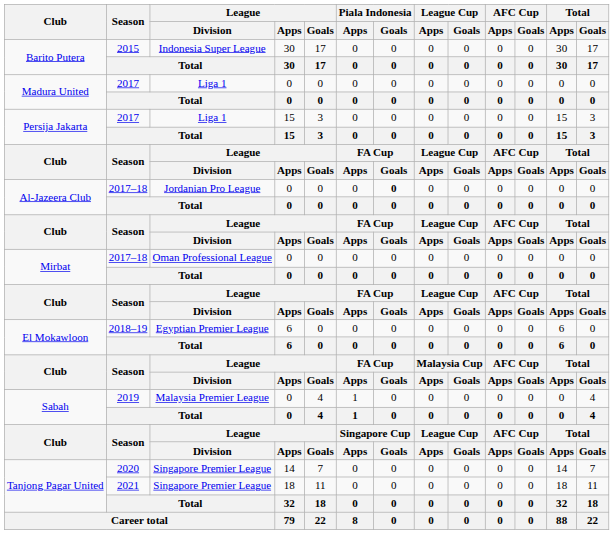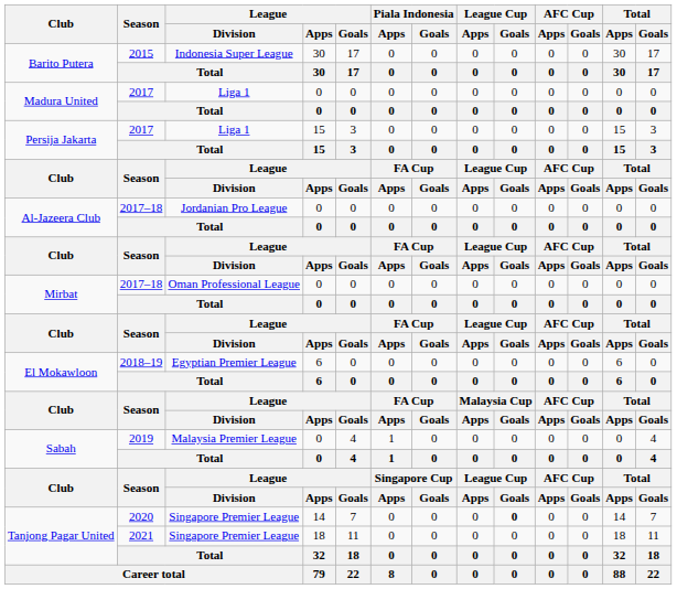 <table class="wikitable" style="text-align:center">
 <tr>
 <th rowspan="2">Club</th>
 <th rowspan="2">Season</th>
 <th colspan="3">League</th>
 <th colspan="2">Piala Indonesia</th>
 <th colspan="2">League Cup</th>
 <th colspan="2">AFC Cup</th>
 <th colspan="2">Total</th>
 </tr>
 <tr>
 <th>Division</th>
 <th>Apps</th>
 <th>Goals</th>
 <th>Apps</th>
 <th>Goals</th>
 <th>Apps</th>
 <th>Goals</th>
 <th>Apps</th>
 <th>Goals</th>
 <th>Apps</th>
 <th>Goals</th>
 </tr>
 <tr>
 <td rowspan="2"><a href='#'>Barito Putera</a></td>
 <td><a href='#'>2015</a></td>
 <td><a href='#'>Indonesia Super League</a></td>
 <td>30</td>
 <td>17</td>
 <td>0</td>
 <td>0</td>
 <td>0</td>
 <td>0</td>
 <td>0</td>
 <td>0</td>
 <td>30</td>
 <td>17</td>
 </tr>
 <tr>
 <th colspan=2>Total</th>
 <th>30</th>
 <th>17</th>
 <th>0</th>
 <th>0</th>
 <th>0</th>
 <th>0</th>
 <th>0</th>
 <th>0</th>
 <th>30</th>
 <th>17</th>
 </tr>
 <tr>
 <td rowspan="2"><a href='#'>Madura United</a></td>
 <td><a href='#'>2017</a></td>
 <td><a href='#'>Liga 1</a></td>
 <td>0</td>
 <td>0</td>
 <td>0</td>
 <td>0</td>
 <td>0</td>
 <td>0</td>
 <td>0</td>
 <td>0</td>
 <td>0</td>
 <td>0</td>
 </tr>
 <tr>
 <th colspan=2>Total</th>
 <th>0</th>
 <th>0</th>
 <th>0</th>
 <th>0</th>
 <th>0</th>
 <th>0</th>
 <th>0</th>
 <th>0</th>
 <th>0</th>
 <th>0</th>
 </tr>
 <tr>
 <td rowspan="2"><a href='#'>Persija Jakarta</a></td>
 <td><a href='#'>2017</a></td>
 <td><a href='#'>Liga 1</a></td>
 <td>15</td>
 <td>3</td>
 <td>0</td>
 <td>0</td>
 <td>0</td>
 <td>0</td>
 <td>0</td>
 <td>0</td>
 <td>15</td>
 <td>3</td>
 </tr>
 <tr>
 <th colspan=2>Total</th>
 <th>15</th>
 <th>3</th>
 <th>0</th>
 <th>0</th>
 <th>0</th>
 <th>0</th>
 <th>0</th>
 <th>0</th>
 <th>15</th>
 <th>3</th>
 </tr>
 <tr>
 <th rowspan="2">Club</th>
 <th rowspan="2">Season</th>
 <th colspan="3">League</th>
 <th colspan="2">FA Cup</th>
 <th colspan="2">League Cup</th>
 <th colspan="2">AFC Cup</th>
 <th colspan="2">Total</th>
 </tr>
 <tr>
 <th>Division</th>
 <th>Apps</th>
 <th>Goals</th>
 <th>Apps</th>
 <th>Goals</th>
 <th>Apps</th>
 <th>Goals</th>
 <th>Apps</th>
 <th>Goals</th>
 <th>Apps</th>
 <th>Goals</th>
 </tr>
 <tr>
 <td rowspan="2"><a href='#'>Al-Jazeera Club</a></td>
 <td><a href='#'>2017–18</a></td>
 <td><a href='#'>Jordanian Pro League</a></td>
 <td>0</td>
 <td>0</td>
 <td>0</td>
-<td><strong>0</strong></td>
+<td>0</td>
 <td>0</td>
 <td>0</td>
 <td>0</td>
 <td>0</td>
 <td>0</td>
 <td>0</td>
 </tr>
 <tr>
 <th colspan=2>Total</th>
 <th>0</th>
 <th>0</th>
 <th>0</th>
 <th>0</th>
 <th>0</th>
 <th>0</th>
 <th>0</th>
 <th>0</th>
 <th>0</th>
 <th>0</th>
 </tr>
 <tr>
 <th rowspan="2">Club</th>
 <th rowspan="2">Season</th>
 <th colspan="3">League</th>
 <th colspan="2">FA Cup</th>
 <th colspan="2">League Cup</th>
 <th colspan="2">AFC Cup</th>
 <th colspan="2">Total</th>
 </tr>
 <tr>
 <th>Division</th>
 <th>Apps</th>
 <th>Goals</th>
 <th>Apps</th>
 <th>Goals</th>
 <th>Apps</th>
 <th>Goals</th>
 <th>Apps</th>
 <th>Goals</th>
 <th>Apps</th>
 <th>Goals</th>
 </tr>
 <tr>
 <td rowspan="2"><a href='#'>Mirbat</a></td>
 <td><a href='#'>2017–18</a></td>
 <td><a href='#'>Oman Professional League</a></td>
 <td>0</td>
 <td>0</td>
 <td>0</td>
 <td>0</td>
 <td>0</td>
 <td>0</td>
 <td>0</td>
 <td>0</td>
 <td>0</td>
 <td>0</td>
 </tr>
 <tr>
 <th colspan=2>Total</th>
 <th>0</th>
 <th>0</th>
 <th>0</th>
 <th>0</th>
 <th>0</th>
 <th>0</th>
 <th>0</th>
 <th>0</th>
 <th>0</th>
 <th>0</th>
 </tr>
 <tr>
 <th rowspan="2">Club</th>
 <th rowspan="2">Season</th>
 <th colspan="3">League</th>
 <th colspan="2">FA Cup</th>
 <th colspan="2">League Cup</th>
 <th colspan="2">AFC Cup</th>
 <th colspan="2">Total</th>
 </tr>
 <tr>
 <th>Division</th>
 <th>Apps</th>
 <th>Goals</th>
 <th>Apps</th>
 <th>Goals</th>
 <th>Apps</th>
 <th>Goals</th>
 <th>Apps</th>
 <th>Goals</th>
 <th>Apps</th>
 <th>Goals</th>
 </tr>
 <tr>
 <td rowspan="2"><a href='#'>El Mokawloon</a></td>
 <td><a href='#'>2018–19</a></td>
 <td><a href='#'>Egyptian Premier League</a></td>
 <td>6</td>
 <td>0</td>
 <td>0</td>
 <td>0</td>
 <td>0</td>
 <td>0</td>
 <td>0</td>
 <td>0</td>
 <td>6</td>
 <td>0</td>
 </tr>
 <tr>
 <th colspan=2>Total</th>
 <th>6</th>
 <th>0</th>
 <th>0</th>
 <th>0</th>
 <th>0</th>
 <th>0</th>
 <th>0</th>
 <th>0</th>
 <th>6</th>
 <th>0</th>
 </tr>
 <tr>
 <th rowspan="2">Club</th>
 <th rowspan="2">Season</th>
 <th colspan="3">League</th>
 <th colspan="2">FA Cup</th>
 <th colspan="2">Malaysia Cup</th>
 <th colspan="2">AFC Cup</th>
 <th colspan="2">Total</th>
 </tr>
 <tr>
 <th>Division</th>
 <th>Apps</th>
 <th>Goals</th>
 <th>Apps</th>
 <th>Goals</th>
 <th>Apps</th>
 <th>Goals</th>
 <th>Apps</th>
 <th>Goals</th>
 <th>Apps</th>
 <th>Goals</th>
 </tr>
 <tr>
 <td rowspan="2"><a href='#'>Sabah</a></td>
 <td><a href='#'>2019</a></td>
 <td><a href='#'>Malaysia Premier League</a></td>
 <td>0</td>
 <td>4</td>
 <td>1</td>
 <td>0</td>
 <td>0</td>
 <td>0</td>
 <td>0</td>
 <td>0</td>
 <td>0</td>
 <td>4</td>
 </tr>
 <tr>
 <th colspan=2>Total</th>
 <th>0</th>
 <th>4</th>
 <th>1</th>
 <th>0</th>
 <th>0</th>
 <th>0</th>
 <th>0</th>
 <th>0</th>
 <th>0</th>
 <th>4</th>
 </tr>
 <tr>
 <th rowspan="2">Club</th>
 <th rowspan="2">Season</th>
 <th colspan="3">League</th>
 <th colspan="2">Singapore Cup</th>
 <th colspan="2">League Cup</th>
 <th colspan="2">AFC Cup</th>
 <th colspan="2">Total</th>
 </tr>
 <tr>
 <th>Division</th>
 <th>Apps</th>
 <th>Goals</th>
 <th>Apps</th>
 <th>Goals</th>
 <th>Apps</th>
 <th>Goals</th>
 <th>Apps</th>
 <th>Goals</th>
 <th>Apps</th>
 <th>Goals</th>
 </tr>
 <tr>
 <td rowspan="3"><a href='#'>Tanjong Pagar United</a></td>
 <td><a href='#'>2020</a></td>
 <td><a href='#'>Singapore Premier League</a></td>
 <td>14</td>
 <td>7</td>
 <td>0</td>
 <td>0</td>
 <td>0</td>
-<td>0</td>
+<td><strong>0</strong></td>
 <td>0</td>
 <td>0</td>
 <td>14</td>
 <td>7</td>
 </tr>
 <tr>
 <td><a href='#'>2021</a></td>
 <td><a href='#'>Singapore Premier League</a></td>
 <td>18</td>
 <td>11</td>
 <td>0</td>
 <td>0</td>
 <td>0</td>
 <td>0</td>
 <td>0</td>
 <td>0</td>
 <td>18</td>
 <td>11</td>
 </tr>
 <tr>
 <th colspan=2>Total</th>
 <th>32</th>
 <th>18</th>
 <th>0</th>
 <th>0</th>
 <th>0</th>
 <th>0</th>
 <th>0</th>
 <th>0</th>
 <th>32</th>
 <th>18</th>
 </tr>
 <tr>
 <th colspan=3>Career total</th>
 <th>79</th>
 <th>22</th>
 <th>8</th>
 <th>0</th>
 <th>0</th>
 <th>0</th>
 <th>0</th>
 <th>0</th>
 <th>88</th>
 <th>22</th>
 </tr>
 </table>
